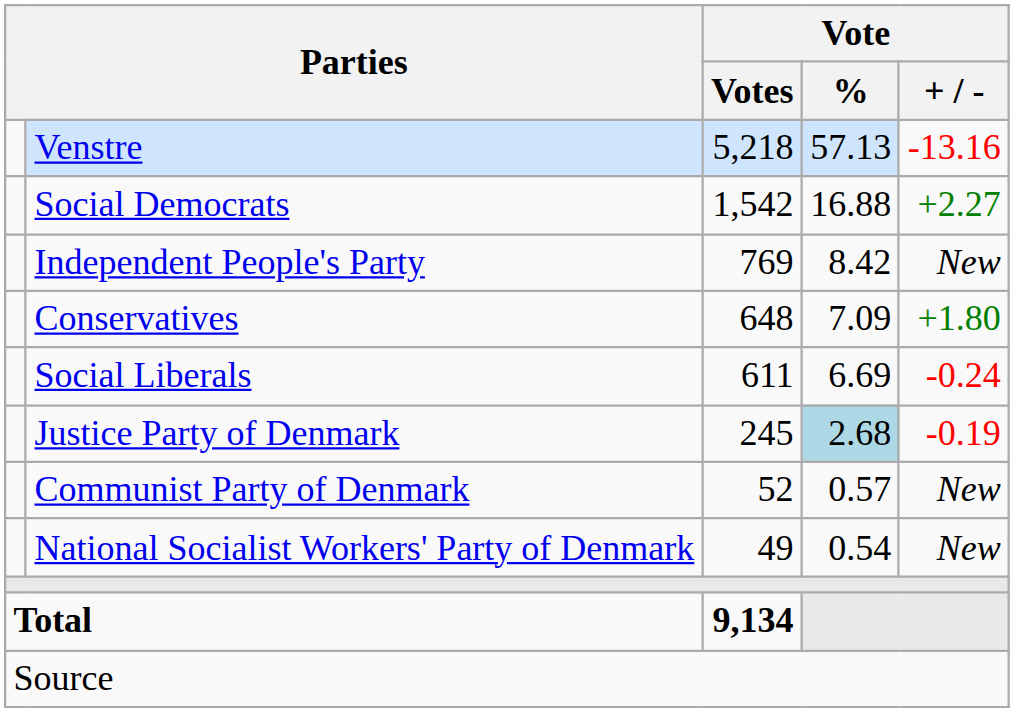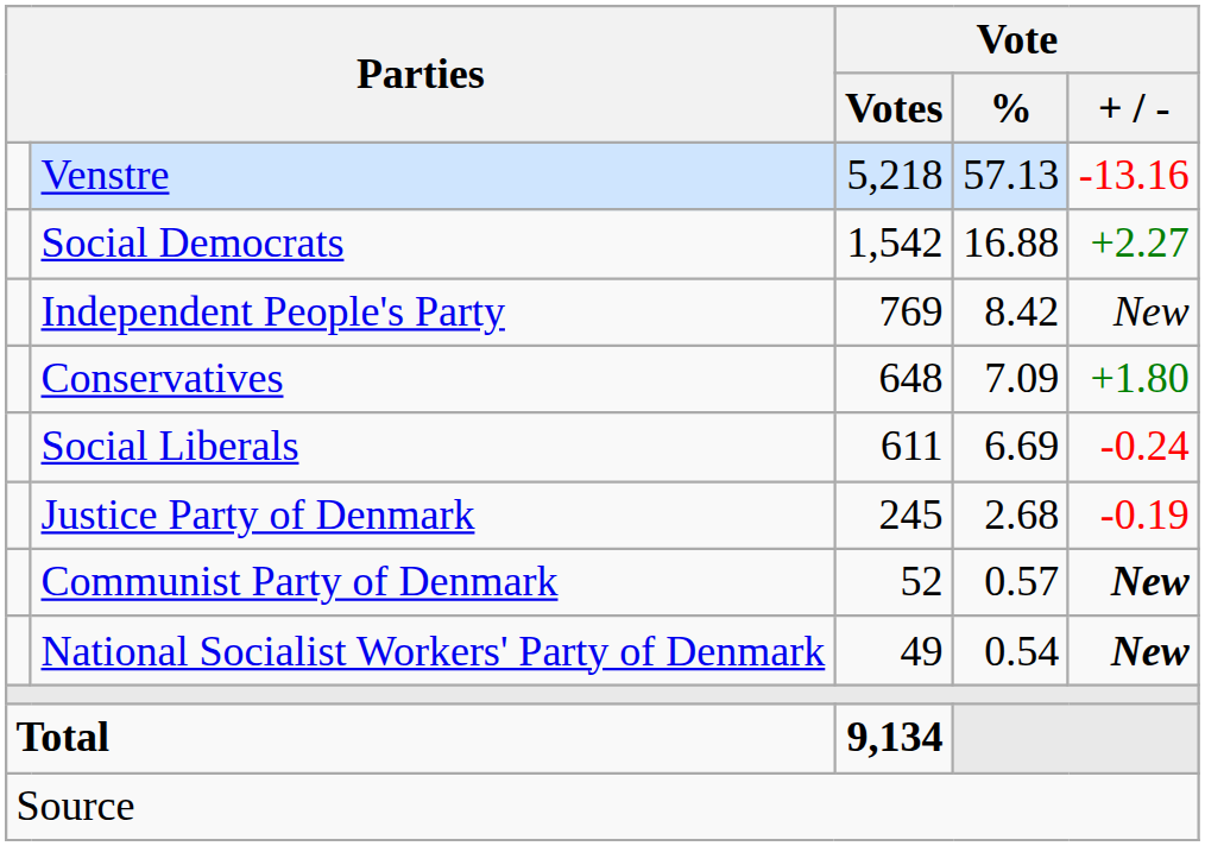 <table class="wikitable" style="text-align:right;">
 <tr>
 <th style="text-align:centre;" rowspan="2" colspan="2" width="225">Parties</th>
 <th colspan="3">Vote</th>
 </tr>
 <tr>
 <th width="15">Votes</th>
 <th width="15">%</th>
 <th width="15">+ / -</th>
 </tr>
 <tr>
 <td width="2" style="color:inherit;background:"></td>
 <td bgcolor=#cfe5fe  align="left"><a href='#'>Venstre</a></td>
 <td bgcolor=#cfe5fe>5,218</td>
 <td bgcolor=#cfe5fe>57.13</td>
 <td style=color:red;>-13.16</td>
 </tr>
 <tr>
 <td width="2" style="color:inherit;background:"></td>
 <td align="left"><a href='#'>Social Democrats</a></td>
 <td>1,542</td>
 <td>16.88</td>
 <td style=color:green;>+2.27</td>
 </tr>
 <tr>
 <td width="2" style="color:inherit;background:"></td>
 <td align="left"><a href='#'>Independent People's Party</a></td>
 <td>769</td>
 <td>8.42</td>
 <td><em>New</em></td>
 </tr>
 <tr>
 <td width="2" style="color:inherit;background:"></td>
 <td align="left"><a href='#'>Conservatives</a></td>
 <td>648</td>
 <td>7.09</td>
 <td style=color:green;>+1.80</td>
 </tr>
 <tr>
 <td width="2" style="color:inherit;background:"></td>
 <td align="left"><a href='#'>Social Liberals</a></td>
 <td>611</td>
 <td>6.69</td>
 <td style=color:red;>-0.24</td>
 </tr>
 <tr>
 <td width="2" style="color:inherit;background:"></td>
 <td align="left"><a href='#'>Justice Party of Denmark</a></td>
 <td>245</td>
-<td style="background: lightblue;">2.68</td>
+<td>2.68</td>
 <td style=color:red;>-0.19</td>
 </tr>
 <tr>
 <td width="2" style="color:inherit;background:"></td>
 <td align="left"><a href='#'>Communist Party of Denmark</a></td>
 <td>52</td>
 <td>0.57</td>
-<td><em>New</em></td>
+<td><strong><em>New</em></strong></td>
 </tr>
 <tr>
 <td width="2" style="color:inherit;background:"></td>
 <td align="left"><a href='#'>National Socialist Workers' Party of Denmark</a></td>
 <td>49</td>
 <td>0.54</td>
-<td><em>New</em></td>
+<td><strong><em>New</em></strong></td>
 </tr>
 <tr>
 <td colspan="7" bgcolor="#E9E9E9"></td>
 </tr>
 <tr>
 <td align="left" colspan="2"><strong>Total</strong></td>
 <td><strong>9,134</strong></td>
 <td bgcolor="#E9E9E9" colspan="2"></td>
 </tr>
 <tr>
 <td align="left" colspan="6">Source</td>
 </tr>
 </table>
